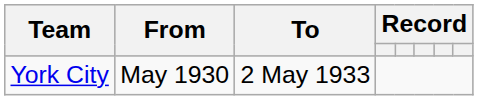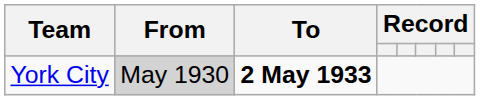 <table class="wikitable" style="text-align:center">
 <tr>
 <th rowspan="2">Team</th>
 <th rowspan="2">From</th>
 <th rowspan="2">To</th>
 <th colspan="5">Record</th>
 </tr>
 <tr>
 <th></th>
 <th></th>
 <th></th>
 <th></th>
 <th></th>
 </tr>
 <tr>
 <td align="left"><a href='#'>York City</a></td>
-<td align=left>May 1930</td>
-<td align=left>2 May 1933<br></td>
+<td align=left style="background: lightgrey;">May 1930</td>
+<td align=left><strong>2 May 1933<br></strong></td>
 </tr>
 </table>
